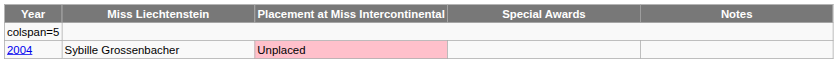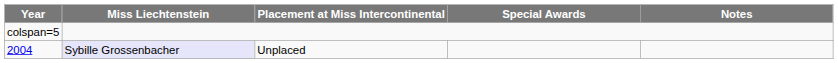 <table class="wikitable " style="font-size: 95%;">
 <tr>
 <th width="60" style="background-color:#787878;color:#FFFFFF;">Year</th>
 <th width="250" style="background-color:#787878;color:#FFFFFF;">Miss Liechtenstein</th>
 <th width="250" style="background-color:#787878;color:#FFFFFF;">Placement at Miss Intercontinental</th>
 <th width="250" style="background-color:#787878;color:#FFFFFF;">Special Awards</th>
 <th width="250" style="background-color:#787878;color:#FFFFFF;">Notes</th>
 </tr>
 <tr>
 <td>colspan=5 </td>
 </tr>
 <tr>
 <td><a href='#'>2004</a></td>
-<td>Sybille Grossenbacher</td>
-<td style="background: pink;">Unplaced</td>
+<td style="background: lavender;">Sybille Grossenbacher</td>
+<td>Unplaced</td>
 <td></td>
 <td></td>
 </tr>
 </table>
